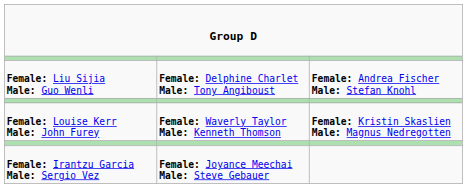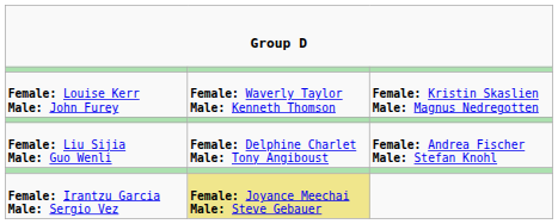 <table class="wikitable">
 <tr>
 <td align=center colspan="3"><br><h3>Group D</h3></td>
+</tr>
+<tr>
+<th style="background: #ACE1AF;" width=200></th>
+<th style="background: #ACE1AF;" width=200></th>
+<th style="background: #ACE1AF;" width=200></th>
+</tr>
+<tr>
+<td><br><strong>Female:</strong> <a href='#'>Louise Kerr</a><br> <strong>Male:</strong> <a href='#'>John Furey</a></td>
+<td><br><strong>Female:</strong> <a href='#'>Waverly Taylor</a><br> <strong>Male:</strong> <a href='#'>Kenneth Thomson</a></td>
+<td><br><strong>Female:</strong> <a href='#'>Kristin Skaslien</a><br> <strong>Male:</strong> <a href='#'>Magnus Nedregotten</a></td>
 </tr>
 <tr>
 <th style="background: #ACE1AF;" width=200></th>
 <th style="background: #ACE1AF;" width=200></th>
 <th style="background: #ACE1AF;" width=200></th>
 </tr>
 <tr>
 <td><br><strong>Female:</strong> <a href='#'>Liu Sijia</a><br> <strong>Male:</strong> <a href='#'>Guo Wenli</a></td>
 <td><br><strong>Female:</strong> <a href='#'>Delphine Charlet</a><br> <strong>Male:</strong> <a href='#'>Tony Angiboust</a></td>
 <td><br><strong>Female:</strong> <a href='#'>Andrea Fischer</a><br> <strong>Male:</strong> <a href='#'>Stefan Knohl</a></td>
 </tr>
 <tr>
 <th style="background: #ACE1AF;" width=200></th>
 <th style="background: #ACE1AF;" width=200></th>
 <th style="background: #ACE1AF;" width=200></th>
 </tr>
 <tr>
-<td><br><strong>Female:</strong> <a href='#'>Louise Kerr</a><br> <strong>Male:</strong> <a href='#'>John Furey</a></td>
-<td><br><strong>Female:</strong> <a href='#'>Waverly Taylor</a><br> <strong>Male:</strong> <a href='#'>Kenneth Thomson</a></td>
-<td><br><strong>Female:</strong> <a href='#'>Kristin Skaslien</a><br> <strong>Male:</strong> <a href='#'>Magnus Nedregotten</a></td>
-</tr>
-<tr>
-<th style="background: #ACE1AF;" width=200></th>
-<th style="background: #ACE1AF;" width=200></th>
-<th style="background: #ACE1AF;" width=200></th>
-</tr>
-<tr>
 <td><br><strong>Female:</strong> <a href='#'>Irantzu Garcia</a><br> <strong>Male:</strong> <a href='#'>Sergio Vez</a></td>
-<td><br><strong>Female:</strong> <a href='#'>Joyance Meechai</a><br> <strong>Male:</strong> <a href='#'>Steve Gebauer</a></td>
+<td style="background: khaki;"><br><strong>Female:</strong> <a href='#'>Joyance Meechai</a><br> <strong>Male:</strong> <a href='#'>Steve Gebauer</a></td>
 <td></td>
 </tr>
 </table>
